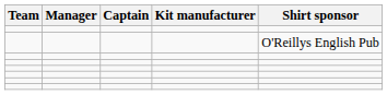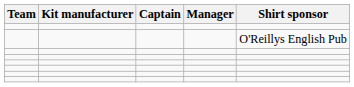 <table class="wikitable sortable" style="text-align: left;">
 <tr>
 <th>Team</th>
+<th>Kit manufacturer</th>
+<th>Captain</th>
 <th>Manager</th>
-<th>Captain</th>
-<th>Kit manufacturer</th>
 <th>Shirt sponsor</th>
 </tr>
 <tr>
 <td></td>
 <td></td>
 <td></td>
 <td></td>
 <td></td>
 </tr>
 <tr>
 <td></td>
 <td></td>
 <td></td>
 <td></td>
 <td>O'Reillys English Pub</td>
 </tr>
 <tr>
 <td></td>
 <td></td>
 <td></td>
 <td></td>
 <td></td>
 </tr>
 <tr>
 <td></td>
 <td></td>
 <td></td>
 <td></td>
 <td></td>
 </tr>
 <tr>
 <td></td>
 <td></td>
 <td></td>
 <td></td>
 <td></td>
 </tr>
 <tr>
 <td></td>
 <td></td>
 <td></td>
 <td></td>
 <td></td>
 </tr>
 <tr>
 <td></td>
 <td></td>
 <td></td>
 <td></td>
 <td></td>
 </tr>
 <tr>
 <td></td>
 <td></td>
 <td></td>
 <td></td>
 <td></td>
 </tr>
 </table>
